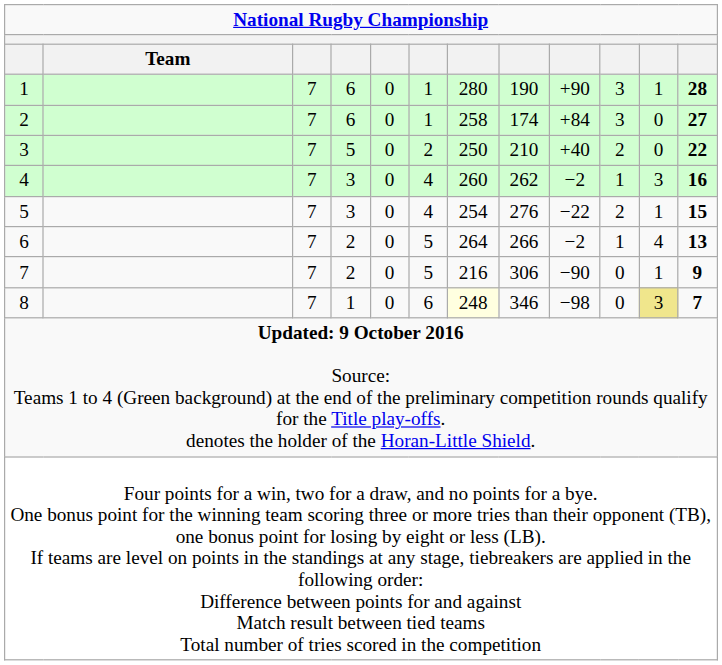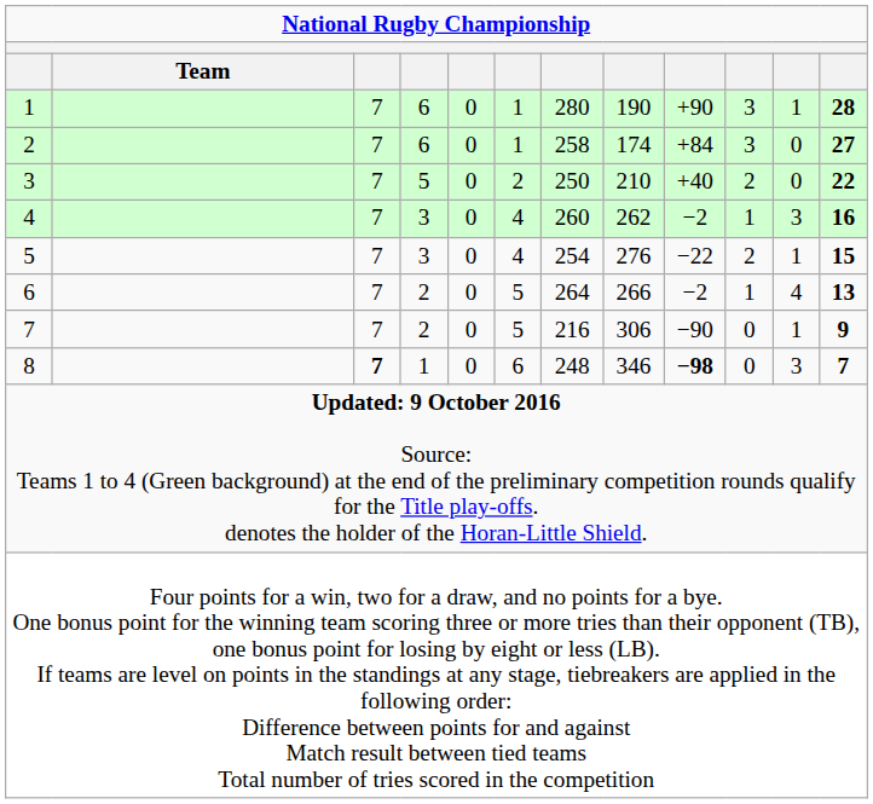 <table class="wikitable" style="text-align: center;">
 <tr style="background:#f9f9f9;">
 <td colspan="15" cellpadding="0" cellspacing="0"><strong><a href='#'>National Rugby Championship</a></strong></td>
 </tr>
 <tr style="background:#f3f3f3;">
 <td colspan="15" cellpadding="0" cellspacing="0"></td>
 </tr>
 <tr style="font-weight: bold;">
 <th style="width:25px;"></th>
 <th scope="col" style="width:200px;">Team</th>
 <th style="width:25px;"></th>
 <th style="width:25px;"></th>
 <th style="width:25px;"></th>
 <th style="width:25px;"></th>
 <th style="width:35px;"></th>
 <th style="width:35px;"></th>
 <th style="width:35px;"></th>
 <th style="width:25px;"></th>
 <th style="width:25px;"></th>
 <th style="width:25px;"><br></th>
 </tr>
 <tr style="background:#d0ffd0;">
 <td>1</td>
 <td align=left> </td>
 <td>7</td>
 <td>6</td>
 <td>0</td>
 <td>1</td>
 <td>280</td>
 <td>190</td>
 <td>+90</td>
 <td>3</td>
 <td>1</td>
 <td><strong>28</strong></td>
 </tr>
 <tr style="background:#d0ffd0;">
 <td>2</td>
 <td align=left></td>
 <td>7</td>
 <td>6</td>
 <td>0</td>
 <td>1</td>
 <td>258</td>
 <td>174</td>
 <td>+84</td>
 <td>3</td>
 <td>0</td>
 <td><strong>27</strong></td>
 </tr>
 <tr style="background:#d0ffd0;">
 <td>3</td>
 <td align=left></td>
 <td>7</td>
 <td>5</td>
 <td>0</td>
 <td>2</td>
 <td>250</td>
 <td>210</td>
 <td>+40</td>
 <td>2</td>
 <td>0</td>
 <td><strong>22</strong></td>
 </tr>
 <tr style="background:#d0ffd0;">
 <td>4</td>
 <td align=left></td>
 <td>7</td>
 <td>3</td>
 <td>0</td>
 <td>4</td>
 <td>260</td>
 <td>262</td>
 <td>−2</td>
 <td>1</td>
 <td>3</td>
 <td><strong>16</strong></td>
 </tr>
 <tr>
 <td>5</td>
 <td align=left></td>
 <td>7</td>
 <td>3</td>
 <td>0</td>
 <td>4</td>
 <td>254</td>
 <td>276</td>
 <td>−22</td>
 <td>2</td>
 <td>1</td>
 <td><strong>15</strong></td>
 </tr>
 <tr>
 <td>6</td>
 <td align=left></td>
 <td>7</td>
 <td>2</td>
 <td>0</td>
 <td>5</td>
 <td>264</td>
 <td>266</td>
 <td>−2</td>
 <td>1</td>
 <td>4</td>
 <td><strong>13</strong></td>
 </tr>
 <tr>
 <td>7</td>
 <td align=left></td>
 <td>7</td>
 <td>2</td>
 <td>0</td>
 <td>5</td>
 <td>216</td>
 <td>306</td>
 <td>−90</td>
 <td>0</td>
 <td>1</td>
 <td><strong>9</strong></td>
 </tr>
 <tr>
 <td>8</td>
 <td align=left></td>
-<td>7</td>
+<td><strong>7</strong></td>
 <td>1</td>
 <td>0</td>
 <td>6</td>
-<td style="background: lightyellow;">248</td>
+<td>248</td>
 <td>346</td>
-<td>−98</td>
+<td><strong>−98</strong></td>
 <td>0</td>
-<td style="background: khaki;">3</td>
+<td>3</td>
 <td><strong>7</strong></td>
 </tr>
 <tr>
 <td colspan="15" style="border:0;"><strong>Updated: 9 October 2016</strong> <br><br>Source: <br> Teams 1 to 4 <span>(Green background)</span> at the end of the preliminary competition rounds qualify for the <a href='#'>Title play-offs</a>.<br>  denotes the holder of the <a href='#'>Horan-Little Shield</a>.</td>
 </tr>
 <tr style="background:#fff;">
 <td colspan="15"><br>Four points for a win, two for a draw, and no points for a bye.<br> One bonus point for the winning team scoring three or more tries than their opponent (TB), one bonus point for losing by eight or less (LB).<br> If teams are level on points in the standings at any stage, tiebreakers are applied in the following order:<br>  Difference between points for and against<br>  Match result between tied teams<br>  Total number of tries scored in the competition<br> <div> </div></td>
 </tr>
 </table>
